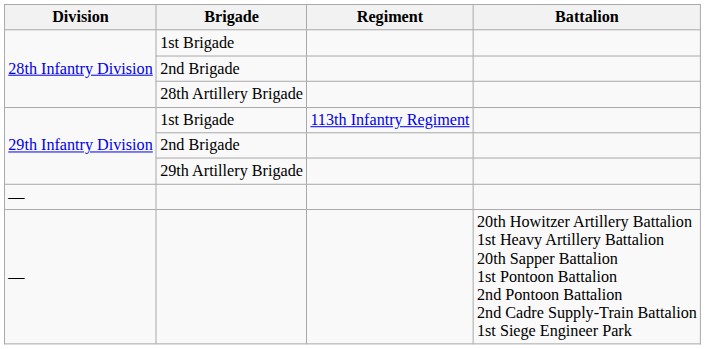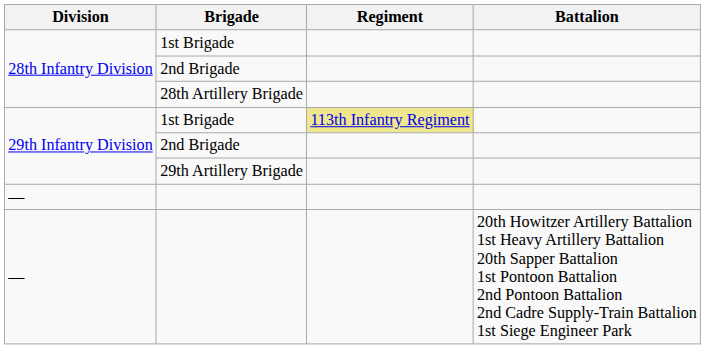 <table class="wikitable">
 <tr>
 <th>Division</th>
 <th>Brigade</th>
 <th>Regiment</th>
 <th>Battalion</th>
 </tr>
 <tr>
 <td rowspan="3"><a href='#'>28th Infantry Division</a></td>
 <td>1st Brigade</td>
 <td><br></td>
 <td></td>
 </tr>
 <tr>
 <td>2nd Brigade</td>
 <td><br></td>
 <td></td>
 </tr>
 <tr>
 <td>28th Artillery Brigade</td>
 <td></td>
 <td></td>
 </tr>
 <tr>
 <td rowspan="3"><a href='#'>29th Infantry Division</a></td>
 <td>1st Brigade</td>
-<td><a href='#'>113th Infantry Regiment</a><br></td>
+<td style="background: khaki;"><a href='#'>113th Infantry Regiment</a><br></td>
 <td></td>
 </tr>
 <tr>
 <td>2nd Brigade</td>
 <td><br></td>
 <td></td>
 </tr>
 <tr>
 <td>29th Artillery Brigade</td>
 <td></td>
 <td></td>
 </tr>
 <tr>
 <td>—</td>
 <td></td>
 <td><br></td>
 <td></td>
 </tr>
 <tr>
 <td>—</td>
 <td></td>
 <td></td>
 <td>20th Howitzer Artillery Battalion<br>1st Heavy Artillery Battalion<br>20th Sapper Battalion<br>1st Pontoon Battalion<br>2nd Pontoon Battalion<br>2nd Cadre Supply-Train Battalion<br>1st Siege Engineer Park</td>
 </tr>
 </table>
